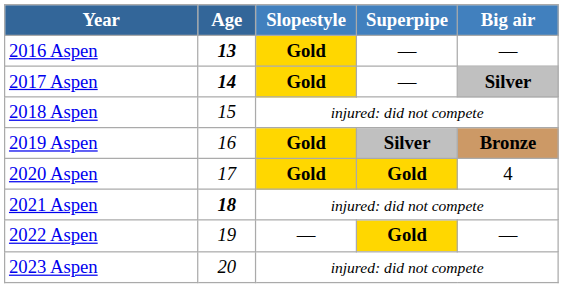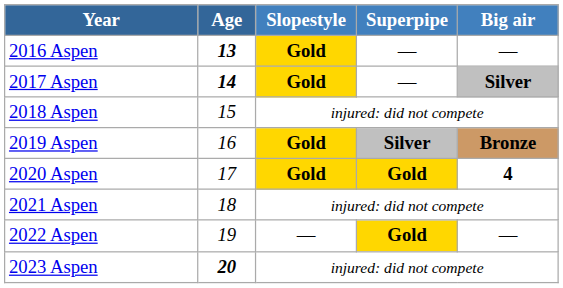 <table class="wikitable" style="font-size:95%; text-align:center; border:grey solid 1px; border-collapse:collapse; background:#ffffff;">
 <tr>
 <th style="background-color:#369; color:white; width:150px;"> Year </th>
 <th style="background-color:#369; color:white; width:40px;"> Age </th>
 <th style="background-color:#4180be; color:white; width:75px;"> Slopestyle </th>
 <th style="background-color:#4180be; color:white; width:75px;"> Superpipe </th>
 <th style="background-color:#4180be; color:white; width:75px;"> Big air </th>
 </tr>
 <tr>
 <td align=left> <a href='#'>2016 Aspen</a></td>
 <td><strong><em>13</em></strong></td>
 <td bgcolor="gold"><strong>Gold</strong></td>
 <td>—</td>
 <td>—</td>
 </tr>
 <tr>
 <td align=left> <a href='#'>2017 Aspen</a></td>
 <td><strong><em>14</em></strong></td>
 <td bgcolor="gold"><strong>Gold</strong></td>
 <td>—</td>
 <td bgcolor="silver"><strong>Silver</strong></td>
 </tr>
 <tr>
 <td align=left> <a href='#'>2018 Aspen</a></td>
 <td><em>15</em></td>
 <td colspan=3><em><small>injured: did not compete</small></em></td>
 </tr>
 <tr>
 <td align=left> <a href='#'>2019 Aspen</a></td>
 <td><em>16</em></td>
 <td bgcolor="gold"><strong>Gold</strong></td>
 <td bgcolor="silver"><strong>Silver</strong></td>
 <td style="background:#c96;"><strong>Bronze</strong></td>
 </tr>
 <tr>
 <td align=left> <a href='#'>2020 Aspen</a></td>
 <td><em>17</em></td>
 <td bgcolor="gold"><strong>Gold</strong></td>
 <td bgcolor="gold"><strong>Gold</strong></td>
-<td>4</td>
+<td><strong>4</strong></td>
 </tr>
 <tr>
 <td align=left> <a href='#'>2021 Aspen</a></td>
-<td><strong><em>18</em></strong></td>
+<td><em>18</em></td>
 <td colspan=3><em><small>injured: did not compete</small></em></td>
 </tr>
 <tr>
 <td align=left> <a href='#'>2022 Aspen</a></td>
 <td><em>19</em></td>
 <td>—</td>
 <td bgcolor="gold"><strong>Gold</strong></td>
 <td>—</td>
 </tr>
 <tr>
 <td align=left> <a href='#'>2023 Aspen</a></td>
-<td><em>20</em></td>
+<td><strong><em>20</em></strong></td>
 <td colspan=3><em><small>injured: did not compete</small></em></td>
 </tr>
 </table>
